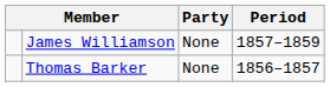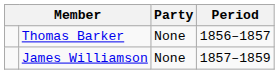 <table class="wikitable">
 <tr>
 <th colspan="2">Member</th>
 <th>Party</th>
 <th>Period</th>
 </tr>
 <tr>
 <td> </td>
+<td><a href='#'>Thomas Barker</a></td>
+<td>None</td>
+<td>1856–1857</td>
+</tr>
+<tr>
+<td> </td>
 <td><a href='#'>James Williamson</a></td>
 <td>None</td>
 <td>1857–1859</td>
 </tr>
-<tr>
-<td> </td>
-<td><a href='#'>Thomas Barker</a></td>
-<td>None</td>
-<td>1856–1857</td>
-</tr>
 </table>
